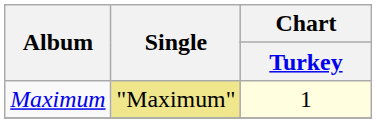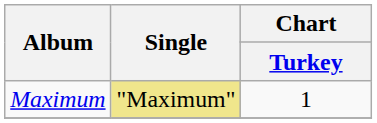 <table class="wikitable">
 <tr>
 <th rowspan="2">Album</th>
 <th rowspan="2">Single</th>
 <th>Chart</th>
 </tr>
 <tr>
 <th width="80"><a href='#'>Turkey</a></th>
 </tr>
 <tr>
 <td align="center"><em><a href='#'>Maximum</a></em></td>
 <td align="left" style="background: khaki;">"Maximum"</td>
-<td align="center" style="background: lightyellow;">1</td>
+<td align="center">1</td>
 </tr>
 <tr>
 </tr>
 </table>
